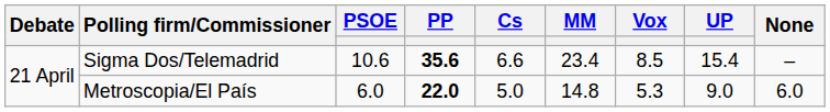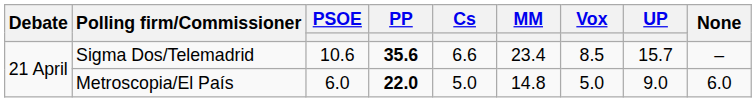 <table class="wikitable" style="font-size:90%; text-align:center;">
 <tr>
 <th rowspan="2">Debate</th>
 <th rowspan="2">Polling firm/Commissioner</th>
 <th style="width:45px;"><a href='#'>PSOE</a></th>
 <th style="width:45px;"><a href='#'>PP</a></th>
 <th style="width:45px;"><a href='#'>Cs</a></th>
 <th style="width:45px;"><a href='#'>MM</a></th>
 <th style="width:45px;"><a href='#'>Vox</a></th>
 <th style="width:45px;"><a href='#'>UP</a></th>
 <th style="width:45px;" rowspan="2">None</th>
 </tr>
 <tr>
 <th style="color:inherit;background:"></th>
 <th style="color:inherit;background:"></th>
 <th style="color:inherit;background:"></th>
 <th style="color:inherit;background:"></th>
 <th style="color:inherit;background:"></th>
 <th style="color:inherit;background:"></th>
 </tr>
 <tr>
 <td rowspan="2" align="left">21 April</td>
 <td align="left">Sigma Dos/Telemadrid</td>
 <td>10.6</td>
 <td><strong>35.6</strong></td>
 <td>6.6</td>
 <td>23.4</td>
 <td>8.5</td>
-<td>15.4</td>
+<td>15.7</td>
 <td>–</td>
 </tr>
 <tr>
 <td align="left">Metroscopia/El País</td>
 <td>6.0</td>
 <td><strong>22.0</strong></td>
 <td>5.0</td>
 <td>14.8</td>
-<td>5.3</td>
+<td>5.0</td>
 <td>9.0</td>
 <td>6.0</td>
 </tr>
 </table>
